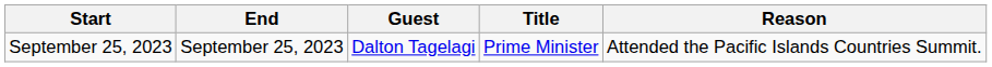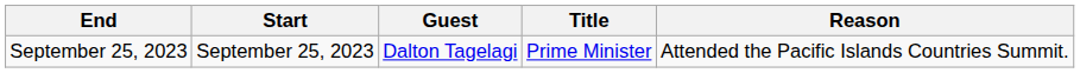 <table class="wikitable sortable">
 <tr>
+<th>End</th>
 <th>Start</th>
-<th>End</th>
 <th>Guest</th>
 <th>Title</th>
 <th>Reason</th>
 </tr>
 <tr>
 <td>September 25, 2023</td>
 <td>September 25, 2023</td>
 <td><a href='#'>Dalton Tagelagi</a></td>
 <td><a href='#'>Prime Minister</a></td>
 <td>Attended the Pacific Islands Countries Summit.</td>
 </tr>
 </table>
